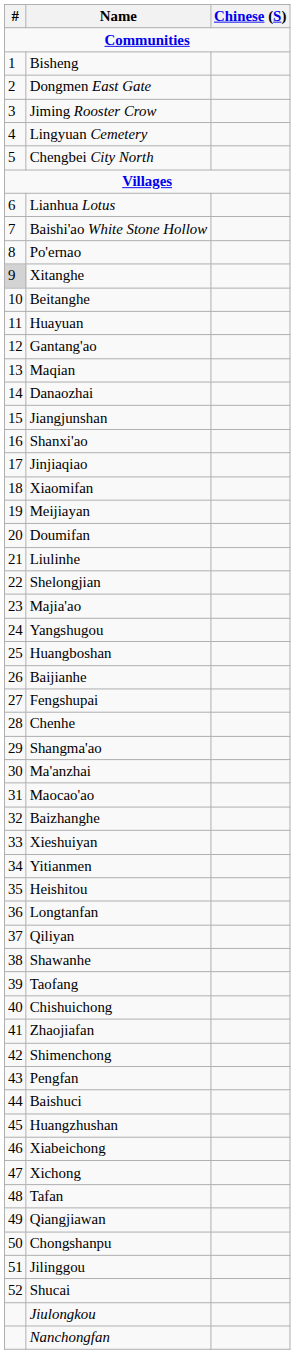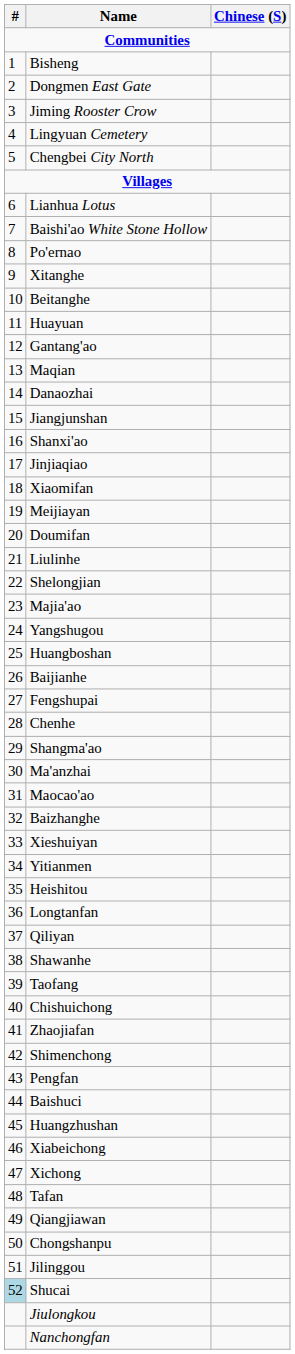 <table class="wikitable sortable">
 <tr>
 <th>#</th>
 <th>Name</th>
 <th><a href='#'>Chinese</a> (<a href='#'>S</a>)</th>
 </tr>
 <tr>
 <td style="text-align:center;" colspan="7"><strong><a href='#'>Communities</a></strong></td>
 </tr>
 <tr>
 <td>1</td>
 <td>Bisheng</td>
 <td></td>
 </tr>
 <tr>
 <td>2</td>
 <td>Dongmen <em>East Gate</em></td>
 <td></td>
 </tr>
 <tr>
 <td>3</td>
 <td>Jiming <em>Rooster Crow</em></td>
 <td></td>
 </tr>
 <tr>
 <td>4</td>
 <td>Lingyuan <em>Cemetery</em></td>
 <td></td>
 </tr>
 <tr>
 <td>5</td>
 <td>Chengbei <em>City North</em></td>
 <td></td>
 </tr>
 <tr>
 <td style="text-align:center;" colspan="7"><strong><a href='#'>Villages</a></strong></td>
 </tr>
 <tr>
 <td>6</td>
 <td>Lianhua <em>Lotus</em></td>
 <td></td>
 </tr>
 <tr>
 <td>7</td>
 <td>Baishi'ao <em>White Stone Hollow</em></td>
 <td></td>
 </tr>
 <tr>
 <td>8</td>
 <td>Po'ernao</td>
 <td></td>
 </tr>
 <tr>
-<td style="background: lightgrey;">9</td>
+<td>9</td>
 <td>Xitanghe</td>
 <td></td>
 </tr>
 <tr>
 <td>10</td>
 <td>Beitanghe</td>
 <td></td>
 </tr>
 <tr>
 <td>11</td>
 <td>Huayuan</td>
 <td></td>
 </tr>
 <tr>
 <td>12</td>
 <td>Gantang'ao</td>
 <td></td>
 </tr>
 <tr>
 <td>13</td>
 <td>Maqian</td>
 <td></td>
 </tr>
 <tr>
 <td>14</td>
 <td>Danaozhai</td>
 <td></td>
 </tr>
 <tr>
 <td>15</td>
 <td>Jiangjunshan</td>
 <td></td>
 </tr>
 <tr>
 <td>16</td>
 <td>Shanxi'ao</td>
 <td></td>
 </tr>
 <tr>
 <td>17</td>
 <td>Jinjiaqiao</td>
 <td></td>
 </tr>
 <tr>
 <td>18</td>
 <td>Xiaomifan</td>
 <td></td>
 </tr>
 <tr>
 <td>19</td>
 <td>Meijiayan</td>
 <td></td>
 </tr>
 <tr>
 <td>20</td>
 <td>Doumifan</td>
 <td></td>
 </tr>
 <tr>
 <td>21</td>
 <td>Liulinhe</td>
 <td></td>
 </tr>
 <tr>
 <td>22</td>
 <td>Shelongjian</td>
 <td></td>
 </tr>
 <tr>
 <td>23</td>
 <td>Majia'ao</td>
 <td></td>
 </tr>
 <tr>
 <td>24</td>
 <td>Yangshugou</td>
 <td></td>
 </tr>
 <tr>
 <td>25</td>
 <td>Huangboshan</td>
 <td></td>
 </tr>
 <tr>
 <td>26</td>
 <td>Baijianhe</td>
 <td></td>
 </tr>
 <tr>
 <td>27</td>
 <td>Fengshupai</td>
 <td></td>
 </tr>
 <tr>
 <td>28</td>
 <td>Chenhe</td>
 <td></td>
 </tr>
 <tr>
 <td>29</td>
 <td>Shangma'ao</td>
 <td></td>
 </tr>
 <tr>
 <td>30</td>
 <td>Ma'anzhai</td>
 <td></td>
 </tr>
 <tr>
 <td>31</td>
 <td>Maocao'ao</td>
 <td></td>
 </tr>
 <tr>
 <td>32</td>
 <td>Baizhanghe</td>
 <td></td>
 </tr>
 <tr>
 <td>33</td>
 <td>Xieshuiyan</td>
 <td></td>
 </tr>
 <tr>
 <td>34</td>
 <td>Yitianmen</td>
 <td></td>
 </tr>
 <tr>
 <td>35</td>
 <td>Heishitou</td>
 <td></td>
 </tr>
 <tr>
 <td>36</td>
 <td>Longtanfan</td>
 <td></td>
 </tr>
 <tr>
 <td>37</td>
 <td>Qiliyan</td>
 <td></td>
 </tr>
 <tr>
 <td>38</td>
 <td>Shawanhe</td>
 <td></td>
 </tr>
 <tr>
 <td>39</td>
 <td>Taofang</td>
 <td></td>
 </tr>
 <tr>
 <td>40</td>
 <td>Chishuichong</td>
 <td></td>
 </tr>
 <tr>
 <td>41</td>
 <td>Zhaojiafan</td>
 <td></td>
 </tr>
 <tr>
 <td>42</td>
 <td>Shimenchong</td>
 <td></td>
 </tr>
 <tr>
 <td>43</td>
 <td>Pengfan</td>
 <td></td>
 </tr>
 <tr>
 <td>44</td>
 <td>Baishuci</td>
 <td></td>
 </tr>
 <tr>
 <td>45</td>
 <td>Huangzhushan</td>
 <td></td>
 </tr>
 <tr>
 <td>46</td>
 <td>Xiabeichong</td>
 <td></td>
 </tr>
 <tr>
 <td>47</td>
 <td>Xichong </td>
 <td></td>
 </tr>
 <tr>
 <td>48</td>
 <td>Tafan</td>
 <td></td>
 </tr>
 <tr>
 <td>49</td>
 <td>Qiangjiawan</td>
 <td></td>
 </tr>
 <tr>
 <td>50</td>
 <td>Chongshanpu</td>
 <td></td>
 </tr>
 <tr>
 <td>51</td>
 <td>Jilinggou</td>
 <td></td>
 </tr>
 <tr>
-<td>52</td>
+<td style="background: lightblue;">52</td>
 <td>Shucai</td>
 <td></td>
 </tr>
 <tr>
 <td></td>
 <td><em>Jiulongkou</em></td>
 <td></td>
 </tr>
 <tr>
 <td></td>
 <td><em>Nanchongfan</em></td>
 <td></td>
 </tr>
 </table>
